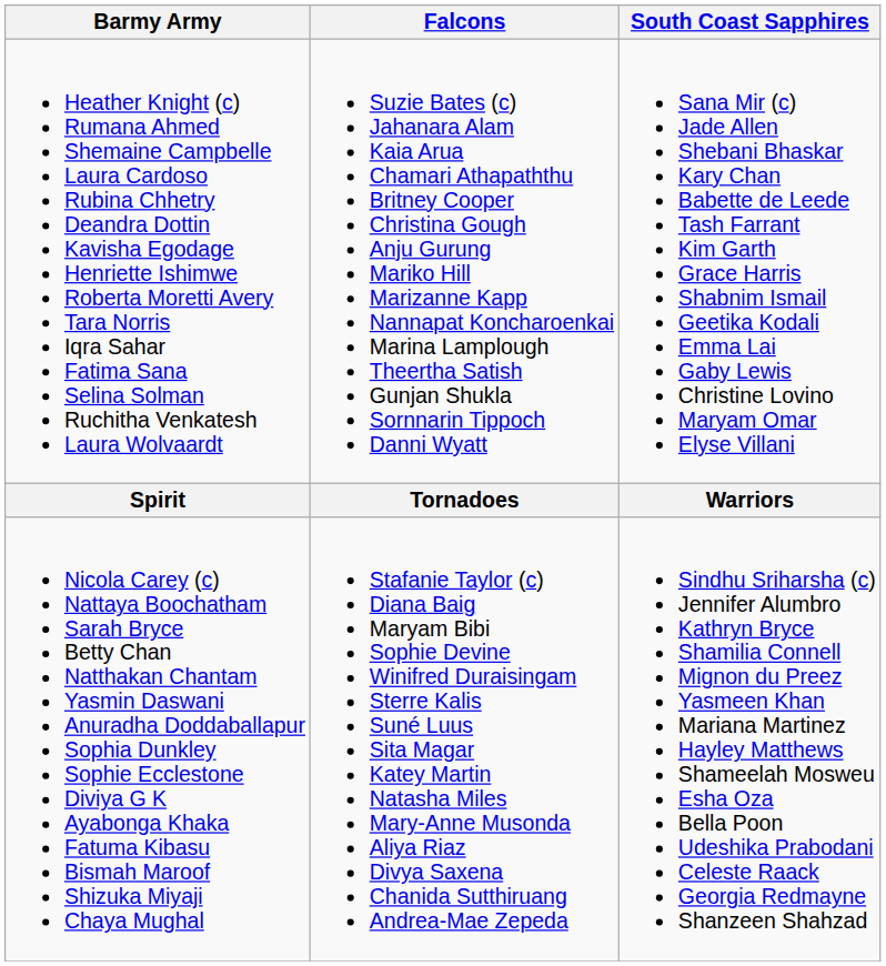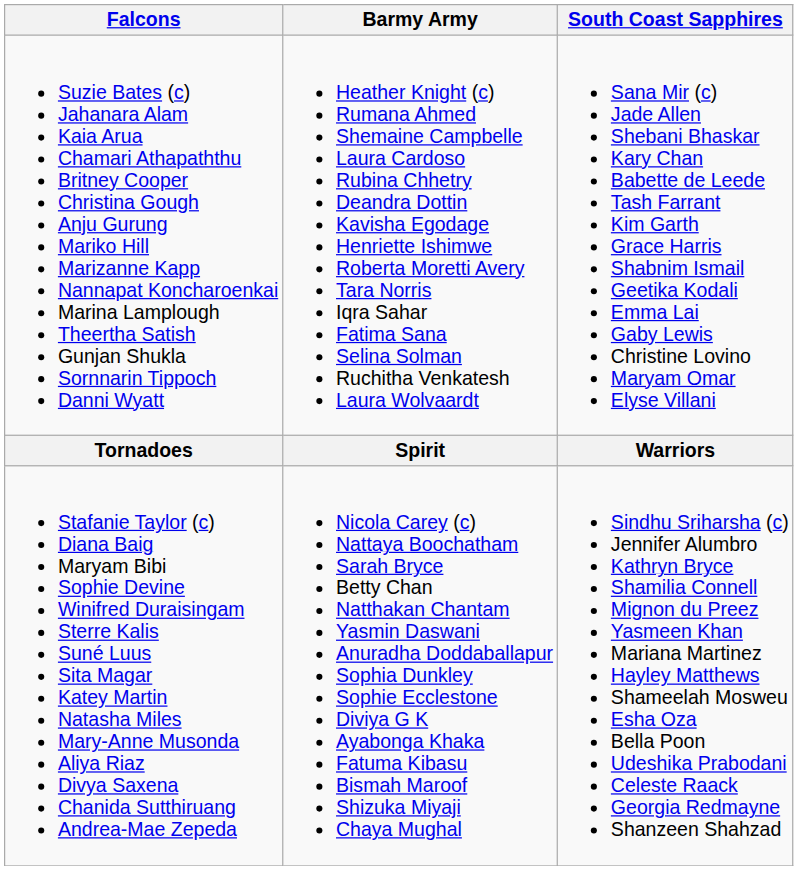 <table class="wikitable">
 <tr>
+<th><a href='#'>Falcons</a><br><small></small></th>
 <th>Barmy Army<br><small></small></th>
-<th><a href='#'>Falcons</a><br><small></small></th>
 <th><a href='#'>South Coast Sapphires</a><br><small></small></th>
 </tr>
 <tr>
+<td><br><ul><li> <a href='#'>Suzie Bates</a> (<a href='#'>c</a>)</li><li> <a href='#'>Jahanara Alam</a></li><li> <a href='#'>Kaia Arua</a></li><li> <a href='#'>Chamari Athapaththu</a></li><li> <a href='#'>Britney Cooper</a></li><li> <a href='#'>Christina Gough</a></li><li> <a href='#'>Anju Gurung</a></li><li> <a href='#'>Mariko Hill</a></li><li> <a href='#'>Marizanne Kapp</a></li><li> <a href='#'>Nannapat Koncharoenkai</a></li><li> Marina Lamplough</li><li> <a href='#'>Theertha Satish</a></li><li> Gunjan Shukla</li><li> <a href='#'>Sornnarin Tippoch</a></li><li> <a href='#'>Danni Wyatt</a></li></ul></td>
 <td><br><ul><li> <a href='#'>Heather Knight</a> (<a href='#'>c</a>)</li><li> <a href='#'>Rumana Ahmed</a></li><li> <a href='#'>Shemaine Campbelle</a></li><li> <a href='#'>Laura Cardoso</a></li><li> <a href='#'>Rubina Chhetry</a></li><li> <a href='#'>Deandra Dottin</a></li><li> <a href='#'>Kavisha Egodage</a></li><li> <a href='#'>Henriette Ishimwe</a></li><li> <a href='#'>Roberta Moretti Avery</a></li><li> <a href='#'>Tara Norris</a></li><li> Iqra Sahar</li><li> <a href='#'>Fatima Sana</a></li><li> <a href='#'>Selina Solman</a></li><li> Ruchitha Venkatesh</li><li> <a href='#'>Laura Wolvaardt</a></li></ul></td>
-<td><br><ul><li> <a href='#'>Suzie Bates</a> (<a href='#'>c</a>)</li><li> <a href='#'>Jahanara Alam</a></li><li> <a href='#'>Kaia Arua</a></li><li> <a href='#'>Chamari Athapaththu</a></li><li> <a href='#'>Britney Cooper</a></li><li> <a href='#'>Christina Gough</a></li><li> <a href='#'>Anju Gurung</a></li><li> <a href='#'>Mariko Hill</a></li><li> <a href='#'>Marizanne Kapp</a></li><li> <a href='#'>Nannapat Koncharoenkai</a></li><li> Marina Lamplough</li><li> <a href='#'>Theertha Satish</a></li><li> Gunjan Shukla</li><li> <a href='#'>Sornnarin Tippoch</a></li><li> <a href='#'>Danni Wyatt</a></li></ul></td>
 <td><br><ul><li> <a href='#'>Sana Mir</a> (<a href='#'>c</a>)</li><li> <a href='#'>Jade Allen</a></li><li> <a href='#'>Shebani Bhaskar</a></li><li> <a href='#'>Kary Chan</a></li><li> <a href='#'>Babette de Leede</a></li><li> <a href='#'>Tash Farrant</a></li><li> <a href='#'>Kim Garth</a></li><li> <a href='#'>Grace Harris</a></li><li> <a href='#'>Shabnim Ismail</a></li><li> <a href='#'>Geetika Kodali</a></li><li> <a href='#'>Emma Lai</a></li><li> <a href='#'>Gaby Lewis</a></li><li> Christine Lovino</li><li> <a href='#'>Maryam Omar</a></li><li> <a href='#'>Elyse Villani</a></li></ul></td>
 </tr>
 <tr>
+<th>Tornadoes<br><small></small></th>
 <th>Spirit<br><small></small></th>
-<th>Tornadoes<br><small></small></th>
 <th>Warriors<br><small></small></th>
 </tr>
 <tr style="vertical-align:top">
+<td><br><ul><li> <a href='#'>Stafanie Taylor</a> (<a href='#'>c</a>)</li><li> <a href='#'>Diana Baig</a></li><li> Maryam Bibi</li><li> <a href='#'>Sophie Devine</a></li><li> <a href='#'>Winifred Duraisingam</a></li><li> <a href='#'>Sterre Kalis</a></li><li> <a href='#'>Suné Luus</a></li><li> <a href='#'>Sita Magar</a></li><li> <a href='#'>Katey Martin</a></li><li> <a href='#'>Natasha Miles</a></li><li> <a href='#'>Mary-Anne Musonda</a></li><li> <a href='#'>Aliya Riaz</a></li><li> <a href='#'>Divya Saxena</a></li><li> <a href='#'>Chanida Sutthiruang</a></li><li> <a href='#'>Andrea-Mae Zepeda</a></li></ul></td>
 <td><br><ul><li> <a href='#'>Nicola Carey</a> (<a href='#'>c</a>)</li><li> <a href='#'>Nattaya Boochatham</a></li><li> <a href='#'>Sarah Bryce</a></li><li> Betty Chan</li><li> <a href='#'>Natthakan Chantam</a></li><li> <a href='#'>Yasmin Daswani</a></li><li> <a href='#'>Anuradha Doddaballapur</a></li><li> <a href='#'>Sophia Dunkley</a></li><li> <a href='#'>Sophie Ecclestone</a></li><li> <a href='#'>Diviya G K</a></li><li> <a href='#'>Ayabonga Khaka</a></li><li> <a href='#'>Fatuma Kibasu</a></li><li> <a href='#'>Bismah Maroof</a></li><li> <a href='#'>Shizuka Miyaji</a></li><li> <a href='#'>Chaya Mughal</a></li></ul></td>
-<td><br><ul><li> <a href='#'>Stafanie Taylor</a> (<a href='#'>c</a>)</li><li> <a href='#'>Diana Baig</a></li><li> Maryam Bibi</li><li> <a href='#'>Sophie Devine</a></li><li> <a href='#'>Winifred Duraisingam</a></li><li> <a href='#'>Sterre Kalis</a></li><li> <a href='#'>Suné Luus</a></li><li> <a href='#'>Sita Magar</a></li><li> <a href='#'>Katey Martin</a></li><li> <a href='#'>Natasha Miles</a></li><li> <a href='#'>Mary-Anne Musonda</a></li><li> <a href='#'>Aliya Riaz</a></li><li> <a href='#'>Divya Saxena</a></li><li> <a href='#'>Chanida Sutthiruang</a></li><li> <a href='#'>Andrea-Mae Zepeda</a></li></ul></td>
 <td><br><ul><li> <a href='#'>Sindhu Sriharsha</a> (<a href='#'>c</a>)</li><li> Jennifer Alumbro</li><li> <a href='#'>Kathryn Bryce</a></li><li> <a href='#'>Shamilia Connell</a></li><li> <a href='#'>Mignon du Preez</a></li><li> <a href='#'>Yasmeen Khan</a></li><li> Mariana Martinez</li><li> <a href='#'>Hayley Matthews</a></li><li> Shameelah Mosweu</li><li> <a href='#'>Esha Oza</a></li><li> Bella Poon</li><li> <a href='#'>Udeshika Prabodani</a></li><li> <a href='#'>Celeste Raack</a></li><li> <a href='#'>Georgia Redmayne</a></li><li> Shanzeen Shahzad</li></ul></td>
 </tr>
 </table>
